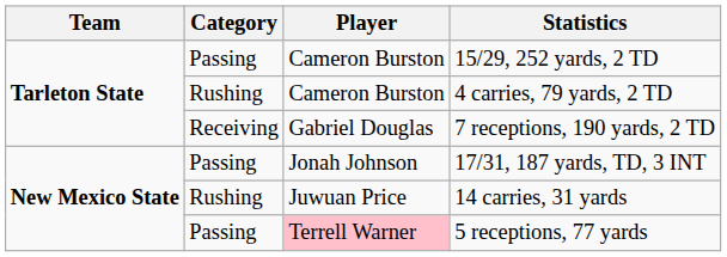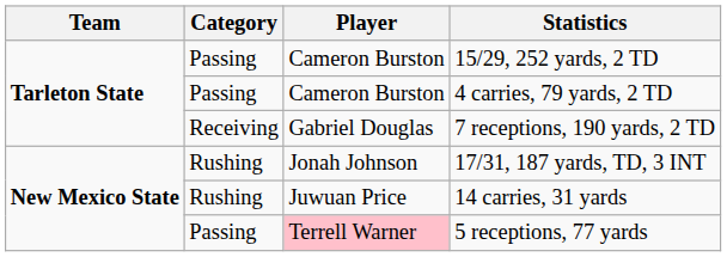 <table class="wikitable" style="float: left;">
 <tr>
 <th>Team</th>
 <th>Category</th>
 <th>Player</th>
 <th>Statistics</th>
 </tr>
 <tr>
 <td rowspan=3><strong>Tarleton State</strong></td>
 <td>Passing</td>
 <td>Cameron Burston</td>
 <td>15/29, 252 yards, 2 TD</td>
 </tr>
 <tr>
-<td>Rushing</td>
+<td>Passing</td>
 <td>Cameron Burston</td>
 <td>4 carries, 79 yards, 2 TD</td>
 </tr>
 <tr>
 <td>Receiving</td>
 <td>Gabriel Douglas</td>
 <td>7 receptions, 190 yards, 2 TD</td>
 </tr>
 <tr>
 <td rowspan=3><strong>New Mexico State</strong></td>
-<td>Passing</td>
+<td>Rushing</td>
 <td>Jonah Johnson</td>
 <td>17/31, 187 yards, TD, 3 INT</td>
 </tr>
 <tr>
 <td>Rushing</td>
 <td>Juwuan Price</td>
 <td>14 carries, 31 yards</td>
 </tr>
 <tr>
 <td>Passing</td>
 <td style="background: pink;">Terrell Warner</td>
 <td>5 receptions, 77 yards</td>
 </tr>
 </table>
